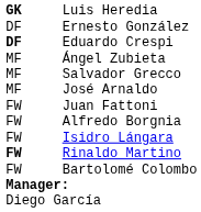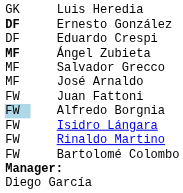 <table style="font-size: 90%" cellspacing="0" cellpadding="0" align=center>
 <tr>
 <th width=25></th>
 <th width=25></th>
 </tr>
 <tr>
-<td><strong>GK</strong></td>
+<td>GK</td>
 <td></td>
 <td> Luis Heredia</td>
 </tr>
 <tr>
-<td>DF</td>
+<td><strong>DF</strong></td>
 <td></td>
 <td> Ernesto González</td>
 </tr>
 <tr>
-<td><strong>DF</strong></td>
+<td>DF</td>
 <td></td>
 <td> Eduardo Crespi</td>
 </tr>
 <tr>
-<td>MF</td>
+<td><strong>MF</strong></td>
 <td></td>
 <td> Ángel Zubieta</td>
 </tr>
 <tr>
 <td>MF</td>
 <td></td>
 <td> Salvador Grecco</td>
 </tr>
 <tr>
 <td>MF</td>
 <td></td>
 <td> José Arnaldo</td>
 </tr>
 <tr>
 <td>FW</td>
 <td></td>
 <td> Juan Fattoni</td>
 </tr>
 <tr>
-<td>FW</td>
+<td style="background: lightblue;">FW</td>
 <td></td>
 <td> Alfredo Borgnia</td>
 </tr>
 <tr>
 <td>FW</td>
 <td></td>
 <td> <a href='#'>Isidro Lángara</a></td>
 </tr>
 <tr>
-<td><strong>FW</strong></td>
+<td>FW</td>
 <td></td>
 <td> <a href='#'>Rinaldo Martino</a></td>
 </tr>
 <tr>
 <td>FW</td>
 <td></td>
 <td> Bartolomé Colombo</td>
 </tr>
 <tr>
 </tr>
 <tr>
 <td colspan=3><strong>Manager:</strong></td>
 </tr>
 <tr>
 <td colspan=4> Diego García</td>
 </tr>
 </table>
